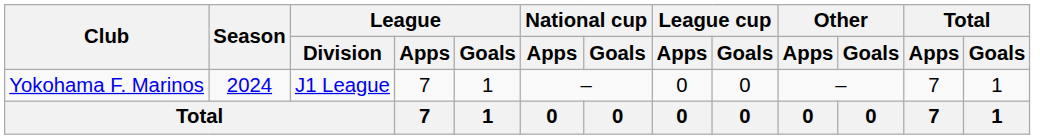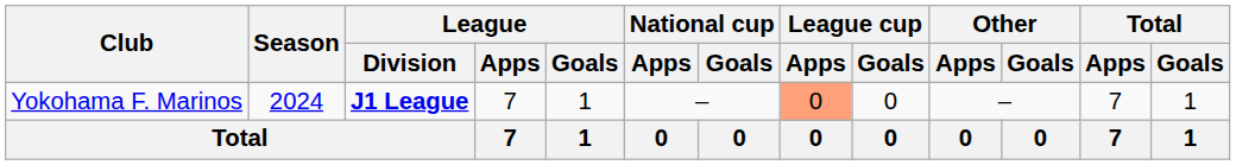 <table class="wikitable" style="text-align:center">
 <tr>
 <th rowspan="2">Club</th>
 <th rowspan="2">Season</th>
 <th colspan="3">League</th>
 <th colspan="2">National cup</th>
 <th colspan="2">League cup</th>
 <th colspan="2">Other</th>
 <th colspan="2">Total</th>
 </tr>
 <tr>
 <th>Division</th>
 <th>Apps</th>
 <th>Goals</th>
 <th>Apps</th>
 <th>Goals</th>
 <th>Apps</th>
 <th>Goals</th>
 <th>Apps</th>
 <th>Goals</th>
 <th>Apps</th>
 <th>Goals</th>
 </tr>
 <tr>
 <td><a href='#'>Yokohama F. Marinos</a></td>
 <td><a href='#'>2024</a></td>
-<td><a href='#'>J1 League</a></td>
+<td><strong><a href='#'>J1 League</a></strong></td>
 <td>7</td>
 <td>1</td>
 <td colspan="2">–</td>
-<td>0</td>
+<td style="background: lightsalmon;">0</td>
 <td>0</td>
 <td colspan="2">–</td>
 <td>7</td>
 <td>1</td>
 </tr>
 <tr>
 <th colspan="3">Total</th>
 <th>7</th>
 <th>1</th>
 <th>0</th>
 <th>0</th>
 <th>0</th>
 <th>0</th>
 <th>0</th>
 <th>0</th>
 <th>7</th>
 <th>1</th>
 </tr>
 </table>
